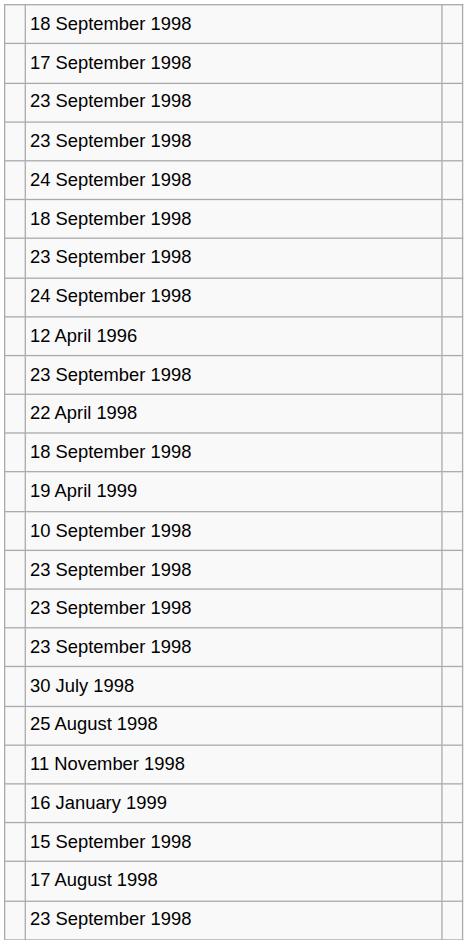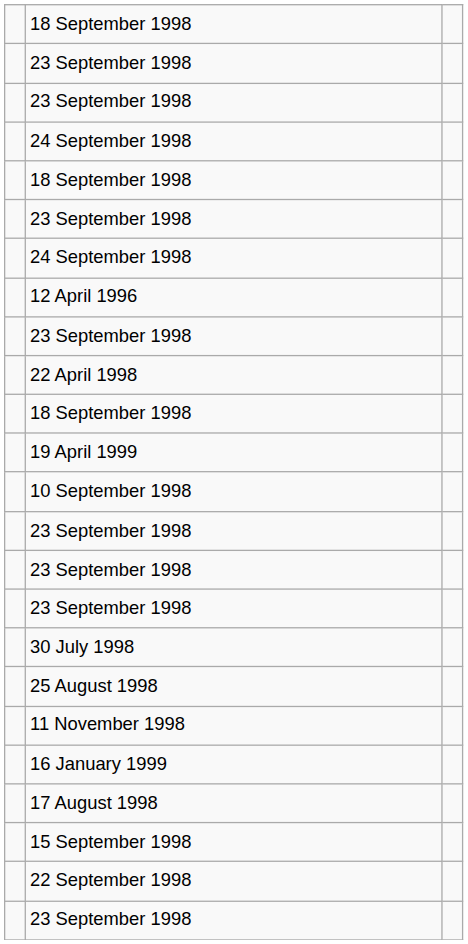 <table class="wikitable" style="font-size: 89%; float: left; width: 25em; margin-right: 1em; line-height: 1.65em !important; height: 675px;">
 <tr>
 <td></td>
 <td>18 September 1998</td>
-<td></td>
-</tr>
-<tr>
-<td></td>
-<td>17 September 1998</td>
 <td></td>
 </tr>
 <tr>
 <td></td>
 <td>23 September 1998</td>
 <td></td>
 </tr>
 <tr>
 <td></td>
 <td>23 September 1998</td>
 <td></td>
 </tr>
 <tr>
 <td></td>
 <td>24 September 1998</td>
 <td></td>
 </tr>
 <tr>
 <td></td>
 <td>18 September 1998</td>
 <td></td>
 </tr>
 <tr>
 <td></td>
 <td>23 September 1998</td>
 <td></td>
 </tr>
 <tr>
 <td></td>
 <td>24 September 1998</td>
 <td></td>
 </tr>
 <tr>
 <td></td>
 <td>12 April 1996</td>
 <td></td>
 </tr>
 <tr>
 <td></td>
 <td>23 September 1998</td>
 <td></td>
 </tr>
 <tr>
 <td></td>
 <td>22 April 1998</td>
 <td></td>
 </tr>
 <tr>
 <td></td>
 <td>18 September 1998</td>
 <td></td>
 </tr>
 <tr>
 <td></td>
 <td>19 April 1999</td>
 <td></td>
 </tr>
 <tr>
 <td></td>
 <td>10 September 1998</td>
 <td></td>
 </tr>
 <tr>
 <td></td>
 <td>23 September 1998</td>
 <td></td>
 </tr>
 <tr>
 <td></td>
 <td>23 September 1998</td>
 <td></td>
 </tr>
 <tr>
 <td></td>
 <td>23 September 1998</td>
 <td></td>
 </tr>
 <tr>
 <td></td>
 <td>30 July 1998</td>
 <td></td>
 </tr>
 <tr>
 <td></td>
 <td>25 August 1998</td>
 <td></td>
 </tr>
 <tr>
 <td></td>
 <td>11 November 1998</td>
 <td></td>
 </tr>
 <tr>
 <td></td>
 <td>16 January 1999</td>
 <td></td>
 </tr>
 <tr>
 <td></td>
+<td>17 August 1998</td>
+<td></td>
+</tr>
+<tr>
+<td></td>
 <td>15 September 1998</td>
 <td></td>
 </tr>
 <tr>
 <td></td>
-<td>17 August 1998</td>
+<td>22 September 1998</td>
 <td></td>
 </tr>
 <tr>
 <td></td>
 <td>23 September 1998</td>
 <td></td>
 </tr>
 </table>
